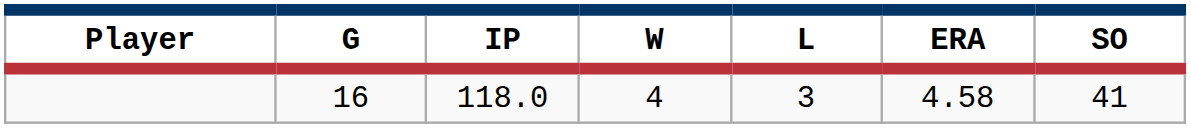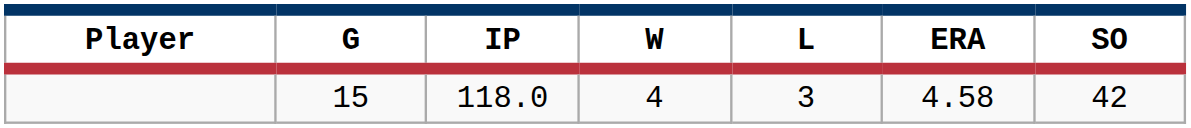 <table class="wikitable sortable">
 <tr>
 <th style="background:#FFFFFF; border-top:#023465 5px solid; border-bottom:#ba313c 5px solid;" width="16%">Player</th>
 <th style="background:#FFFFFF; border-top:#023465 5px solid; border-bottom:#ba313c 5px solid;" width="9%">G</th>
 <th style="background:#FFFFFF; border-top:#023465 5px solid; border-bottom:#ba313c 5px solid;" width="9%">IP</th>
 <th style="background:#FFFFFF; border-top:#023465 5px solid; border-bottom:#ba313c 5px solid;" width="9%">W</th>
 <th style="background:#FFFFFF; border-top:#023465 5px solid; border-bottom:#ba313c 5px solid;" width="9%">L</th>
 <th style="background:#FFFFFF; border-top:#023465 5px solid; border-bottom:#ba313c 5px solid;" width="9%">ERA</th>
 <th style="background:#FFFFFF; border-top:#023465 5px solid; border-bottom:#ba313c 5px solid;" width="9%">SO</th>
 </tr>
 <tr align="center">
 <td></td>
-<td>16</td>
+<td>15</td>
 <td>118.0</td>
 <td>4</td>
 <td>3</td>
 <td>4.58</td>
-<td>41</td>
+<td>42</td>
 </tr>
 </table>
